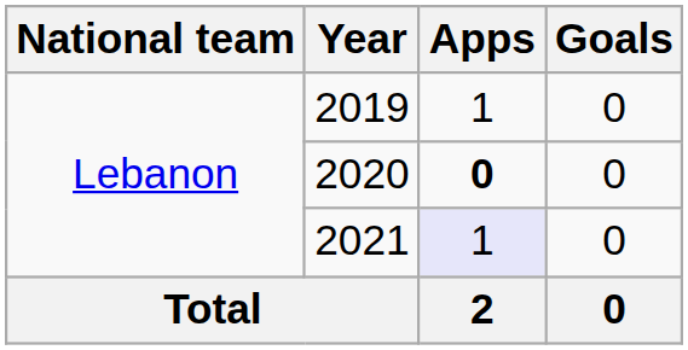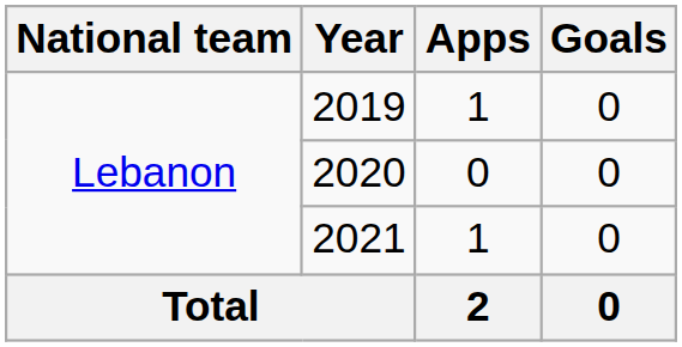 <table class="wikitable" style="text-align:center">
 <tr>
 <th>National team</th>
 <th>Year</th>
 <th>Apps</th>
 <th>Goals</th>
 </tr>
 <tr>
 <td rowspan="3"><a href='#'>Lebanon</a></td>
 <td>2019</td>
 <td>1</td>
 <td>0</td>
 </tr>
 <tr>
 <td>2020</td>
-<td><strong>0</strong></td>
+<td>0</td>
 <td>0</td>
 </tr>
 <tr>
 <td>2021</td>
-<td style="background: lavender;">1</td>
+<td>1</td>
 <td>0</td>
 </tr>
 <tr>
 <th colspan="2">Total</th>
 <th>2</th>
 <th>0</th>
 </tr>
 </table>
